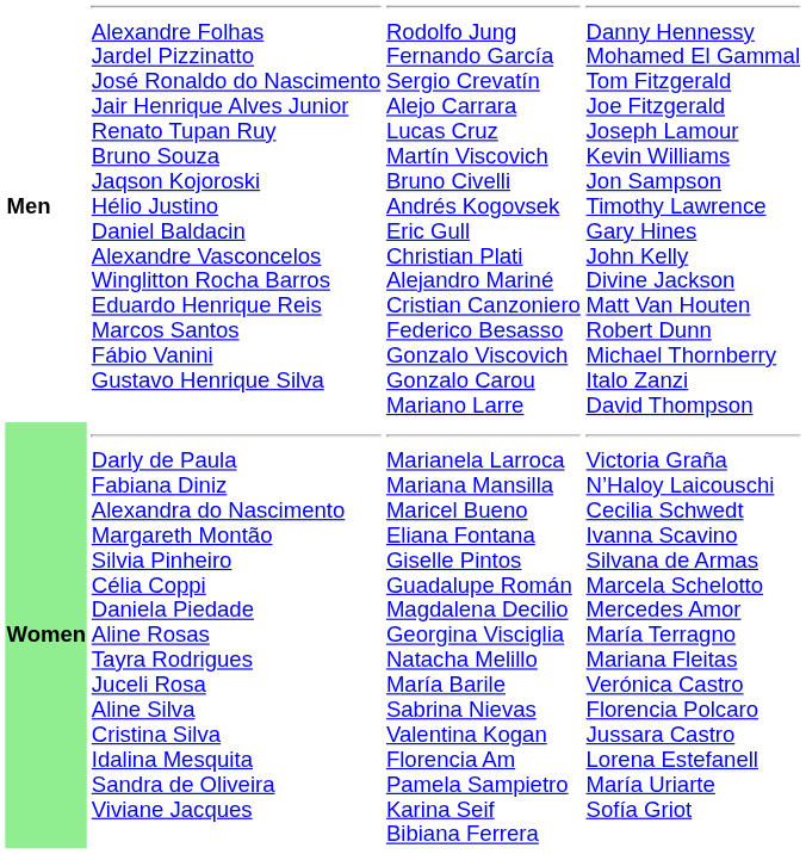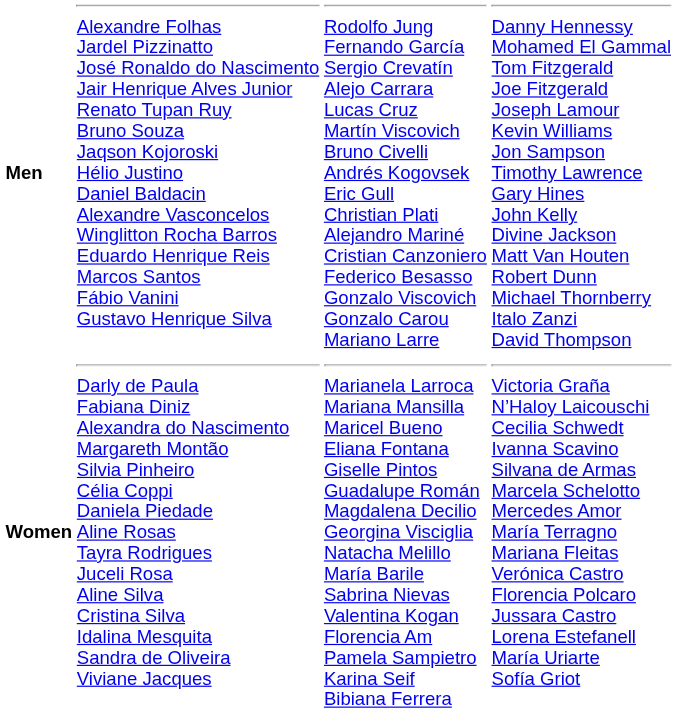 <table>
 <tr>
 <td><strong>Men</strong></td>
 <td valign=top><hr><a href='#'>Alexandre Folhas</a><br><a href='#'>Jardel Pizzinatto</a><br><a href='#'>José Ronaldo do Nascimento</a><br><a href='#'>Jair Henrique Alves Junior</a><br><a href='#'>Renato Tupan Ruy</a><br><a href='#'>Bruno Souza</a><br><a href='#'>Jaqson Kojoroski</a><br><a href='#'>Hélio Justino</a><br><a href='#'>Daniel Baldacin</a><br><a href='#'>Alexandre Vasconcelos</a><br><a href='#'>Winglitton Rocha Barros</a><br><a href='#'>Eduardo Henrique Reis</a><br><a href='#'>Marcos Santos</a><br><a href='#'>Fábio Vanini</a><br><a href='#'>Gustavo Henrique Silva</a></td>
 <td valign=top><hr><a href='#'>Rodolfo Jung</a><br><a href='#'>Fernando García</a><br><a href='#'>Sergio Crevatín</a><br><a href='#'>Alejo Carrara</a><br><a href='#'>Lucas Cruz</a><br><a href='#'>Martín Viscovich</a><br><a href='#'>Bruno Civelli</a><br><a href='#'>Andrés Kogovsek</a><br><a href='#'>Eric Gull</a><br><a href='#'>Christian Plati</a><br><a href='#'>Alejandro Mariné</a><br><a href='#'>Cristian Canzoniero</a><br><a href='#'>Federico Besasso</a><br><a href='#'>Gonzalo Viscovich</a><br><a href='#'>Gonzalo Carou</a><br><a href='#'>Mariano Larre</a></td>
 <td valign=top><hr><a href='#'>Danny Hennessy</a><br><a href='#'>Mohamed El Gammal</a><br><a href='#'>Tom Fitzgerald</a><br><a href='#'>Joe Fitzgerald</a><br><a href='#'>Joseph Lamour</a><br><a href='#'>Kevin Williams</a><br><a href='#'>Jon Sampson</a><br><a href='#'>Timothy Lawrence</a><br><a href='#'>Gary Hines</a><br><a href='#'>John Kelly</a><br><a href='#'>Divine Jackson</a><br><a href='#'>Matt Van Houten</a><br><a href='#'>Robert Dunn</a><br><a href='#'>Michael Thornberry</a><br><a href='#'>Italo Zanzi</a><br><a href='#'>David Thompson</a></td>
 </tr>
 <tr>
-<td style="background: lightgreen;"><strong>Women</strong></td>
+<td><strong>Women</strong></td>
 <td valign=top><hr><a href='#'>Darly de Paula</a><br><a href='#'>Fabiana Diniz</a><br><a href='#'>Alexandra do Nascimento</a><br><a href='#'>Margareth Montão</a><br><a href='#'>Silvia Pinheiro</a><br><a href='#'>Célia Coppi</a><br><a href='#'>Daniela Piedade</a><br><a href='#'>Aline Rosas</a><br><a href='#'>Tayra Rodrigues</a><br><a href='#'>Juceli Rosa</a><br><a href='#'>Aline Silva</a><br><a href='#'>Cristina Silva</a><br><a href='#'>Idalina Mesquita</a><br><a href='#'>Sandra de Oliveira</a><br><a href='#'>Viviane Jacques</a></td>
 <td valign=top><hr><a href='#'>Marianela Larroca</a><br><a href='#'>Mariana Mansilla</a><br><a href='#'>Maricel Bueno</a><br><a href='#'>Eliana Fontana</a><br><a href='#'>Giselle Pintos</a><br><a href='#'>Guadalupe Román</a><br><a href='#'>Magdalena Decilio</a><br><a href='#'>Georgina Visciglia</a><br><a href='#'>Natacha Melillo</a><br><a href='#'>María Barile</a><br><a href='#'>Sabrina Nievas</a><br><a href='#'>Valentina Kogan</a><br><a href='#'>Florencia Am</a><br><a href='#'>Pamela Sampietro</a><br><a href='#'>Karina Seif</a><br><a href='#'>Bibiana Ferrera</a></td>
 <td valign=top><hr><a href='#'>Victoria Graña</a><br><a href='#'>N’Haloy Laicouschi</a><br><a href='#'>Cecilia Schwedt</a><br><a href='#'>Ivanna Scavino</a><br><a href='#'>Silvana de Armas</a><br><a href='#'>Marcela Schelotto</a><br><a href='#'>Mercedes Amor</a><br><a href='#'>María Terragno</a><br><a href='#'>Mariana Fleitas</a><br><a href='#'>Verónica Castro</a><br><a href='#'>Florencia Polcaro</a><br><a href='#'>Jussara Castro</a><br><a href='#'>Lorena Estefanell</a><br><a href='#'>María Uriarte</a><br><a href='#'>Sofía Griot</a></td>
 </tr>
 </table>
